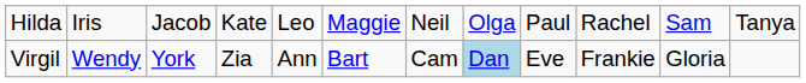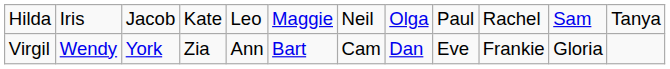 <table class="wikitable">
 <tr>
 <td>Hilda</td>
 <td>Iris</td>
 <td>Jacob</td>
 <td>Kate</td>
 <td>Leo</td>
 <td><a href='#'>Maggie</a></td>
 <td>Neil</td>
 <td><a href='#'>Olga</a></td>
 <td>Paul</td>
 <td>Rachel</td>
 <td><a href='#'>Sam</a></td>
 <td>Tanya</td>
 </tr>
 <tr>
 <td>Virgil</td>
 <td><a href='#'>Wendy</a></td>
 <td><a href='#'>York</a></td>
 <td>Zia</td>
 <td>Ann</td>
 <td><a href='#'>Bart</a></td>
 <td>Cam</td>
-<td style="background: lightblue;"><a href='#'>Dan</a></td>
+<td><a href='#'>Dan</a></td>
 <td>Eve</td>
 <td>Frankie</td>
 <td>Gloria</td>
 </tr>
 </table>
